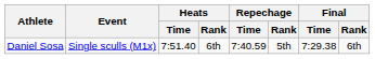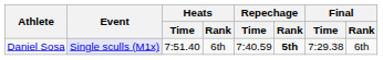 <table class="wikitable" border="1" style="font-size:90%">
 <tr>
 <th rowspan=2>Athlete</th>
 <th rowspan=2>Event</th>
 <th colspan=2>Heats</th>
 <th colspan=2>Repechage</th>
 <th colspan=2>Final</th>
 </tr>
 <tr>
 <th>Time</th>
 <th>Rank</th>
 <th>Time</th>
 <th>Rank</th>
 <th>Time</th>
 <th>Rank</th>
 </tr>
 <tr>
 <td><a href='#'>Daniel Sosa</a></td>
-<td><a href='#'>Single sculls (M1x)</a></td>
+<td style="background: lavender;"><a href='#'>Single sculls (M1x)</a></td>
 <td align=center>7:51.40</td>
 <td align=center>6th</td>
 <td align=center>7:40.59</td>
-<td align=center>5th</td>
+<td align=center><strong>5th</strong></td>
 <td align=center>7:29.38</td>
 <td align=center>6th</td>
 </tr>
 </table>
